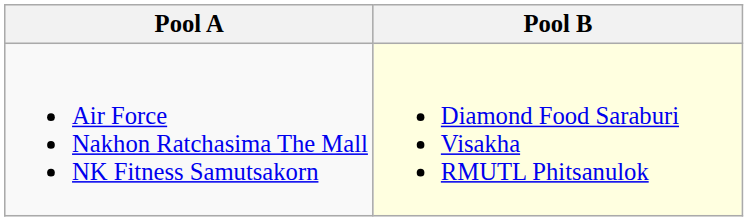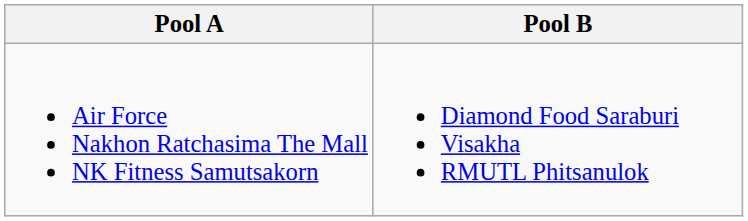 <table class="wikitable">
 <tr>
 <th width=50%>Pool A</th>
 <th width=50%>Pool B</th>
 </tr>
 <tr>
 <td><br><ul><li> <a href='#'>Air Force</a></li><li> <a href='#'>Nakhon Ratchasima The Mall</a></li><li> <a href='#'>NK Fitness Samutsakorn</a></li></ul></td>
-<td style="background: lightyellow;"><br><ul><li> <a href='#'>Diamond Food Saraburi</a></li><li> <a href='#'>Visakha</a></li><li> <a href='#'>RMUTL Phitsanulok</a></li></ul></td>
+<td><br><ul><li> <a href='#'>Diamond Food Saraburi</a></li><li> <a href='#'>Visakha</a></li><li> <a href='#'>RMUTL Phitsanulok</a></li></ul></td>
 </tr>
 </table>
